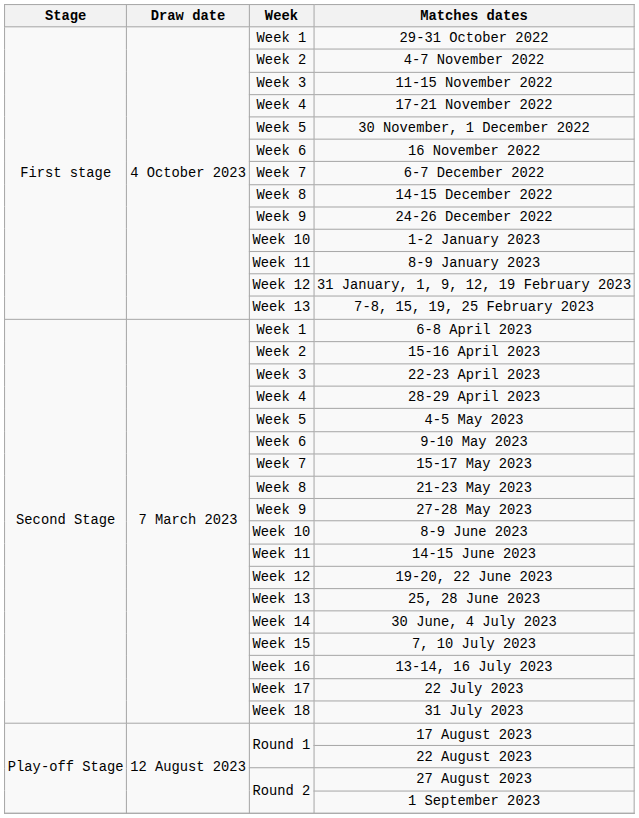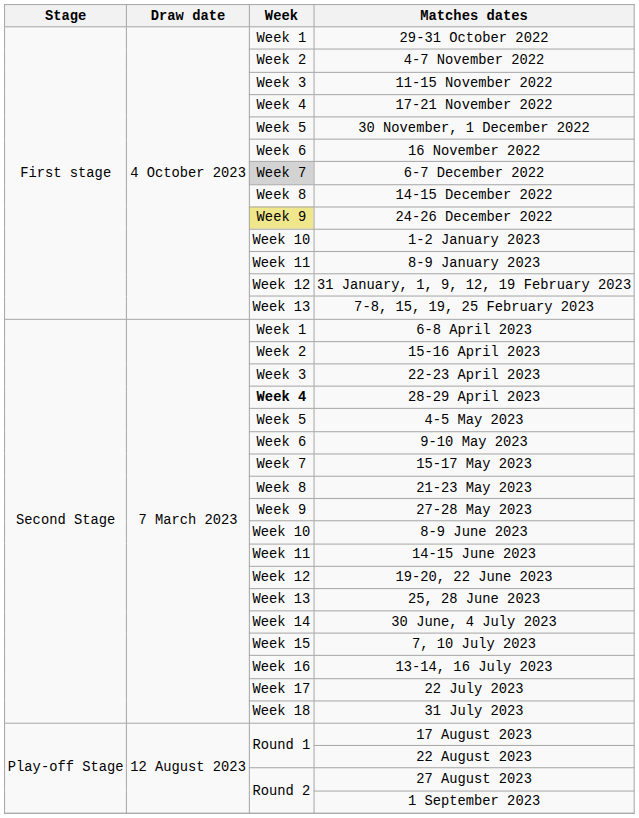 <table class="wikitable" style="text-align:center">
 <tr>
 <th>Stage</th>
 <th>Draw date</th>
 <th>Week</th>
 <th>Matches dates</th>
 </tr>
 <tr>
 <td rowspan=13>First stage</td>
 <td rowspan=13>4 October 2023</td>
 <td>Week 1</td>
 <td>29-31 October 2022</td>
 </tr>
 <tr>
 <td>Week 2</td>
 <td>4-7 November 2022</td>
 </tr>
 <tr>
 <td>Week 3</td>
 <td>11-15 November 2022</td>
 </tr>
 <tr>
 <td>Week 4</td>
 <td>17-21 November 2022</td>
 </tr>
 <tr>
 <td>Week 5</td>
 <td>30 November, 1 December 2022</td>
 </tr>
 <tr>
 <td>Week 6</td>
 <td>16 November 2022</td>
 </tr>
 <tr>
-<td>Week 7</td>
+<td style="background: lightgrey;">Week 7</td>
 <td>6-7 December 2022</td>
 </tr>
 <tr>
 <td>Week 8</td>
 <td>14-15 December 2022</td>
 </tr>
 <tr>
-<td>Week 9</td>
+<td style="background: khaki;">Week 9</td>
 <td>24-26 December 2022</td>
 </tr>
 <tr>
 <td>Week 10</td>
 <td>1-2 January 2023</td>
 </tr>
 <tr>
 <td>Week 11</td>
 <td>8-9 January 2023</td>
 </tr>
 <tr>
 <td>Week 12</td>
 <td>31 January, 1, 9, 12, 19 February 2023</td>
 </tr>
 <tr>
 <td>Week 13</td>
 <td>7-8, 15, 19, 25 February 2023</td>
 </tr>
 <tr>
 <td rowspan=18>Second Stage</td>
 <td rowspan=18>7 March 2023</td>
 <td>Week 1</td>
 <td>6-8 April 2023</td>
 </tr>
 <tr>
 <td>Week 2</td>
 <td>15-16 April 2023</td>
 </tr>
 <tr>
 <td>Week 3</td>
 <td>22-23 April 2023</td>
 </tr>
 <tr>
-<td>Week 4</td>
+<td><strong>Week 4</strong></td>
 <td>28-29 April 2023</td>
 </tr>
 <tr>
 <td>Week 5</td>
 <td>4-5 May 2023</td>
 </tr>
 <tr>
 <td>Week 6</td>
 <td>9-10 May 2023</td>
 </tr>
 <tr>
 <td>Week 7</td>
 <td>15-17 May 2023</td>
 </tr>
 <tr>
 <td>Week 8</td>
 <td>21-23 May 2023</td>
 </tr>
 <tr>
 <td>Week 9</td>
 <td>27-28 May 2023</td>
 </tr>
 <tr>
 <td>Week 10</td>
 <td>8-9 June 2023</td>
 </tr>
 <tr>
 <td>Week 11</td>
 <td>14-15 June 2023</td>
 </tr>
 <tr>
 <td>Week 12</td>
 <td>19-20, 22 June 2023</td>
 </tr>
 <tr>
 <td>Week 13</td>
 <td>25, 28 June 2023</td>
 </tr>
 <tr>
 <td>Week 14</td>
 <td>30 June, 4 July 2023</td>
 </tr>
 <tr>
 <td>Week 15</td>
 <td>7, 10 July 2023</td>
 </tr>
 <tr>
 <td>Week 16</td>
 <td>13-14, 16 July 2023</td>
 </tr>
 <tr>
 <td>Week 17</td>
 <td>22 July 2023</td>
 </tr>
 <tr>
 <td>Week 18</td>
 <td>31 July 2023</td>
 </tr>
 <tr>
 <td rowspan=4>Play-off Stage</td>
 <td rowspan=4>12 August 2023</td>
 <td rowspan=2>Round 1</td>
 <td>17 August 2023</td>
 </tr>
 <tr>
 <td>22 August 2023</td>
 </tr>
 <tr>
 <td rowspan=2>Round 2</td>
 <td>27 August 2023</td>
 </tr>
 <tr>
 <td>1 September 2023</td>
 </tr>
 <tr>
 </tr>
 </table>
